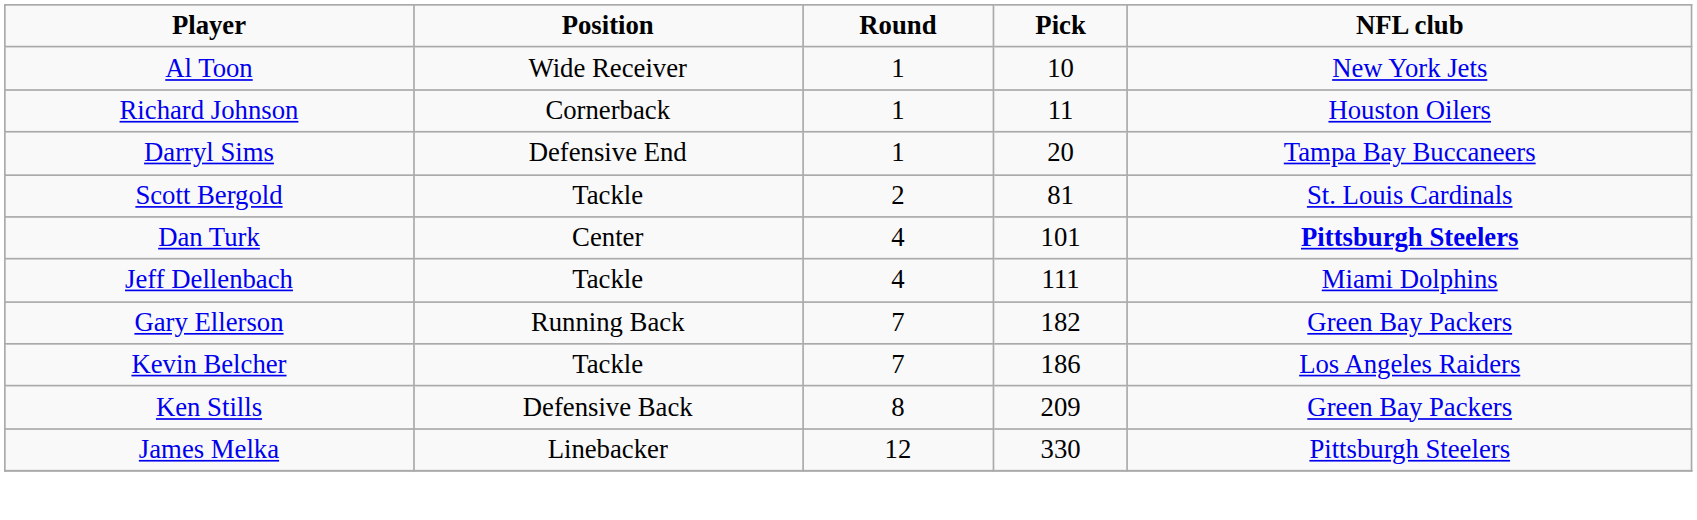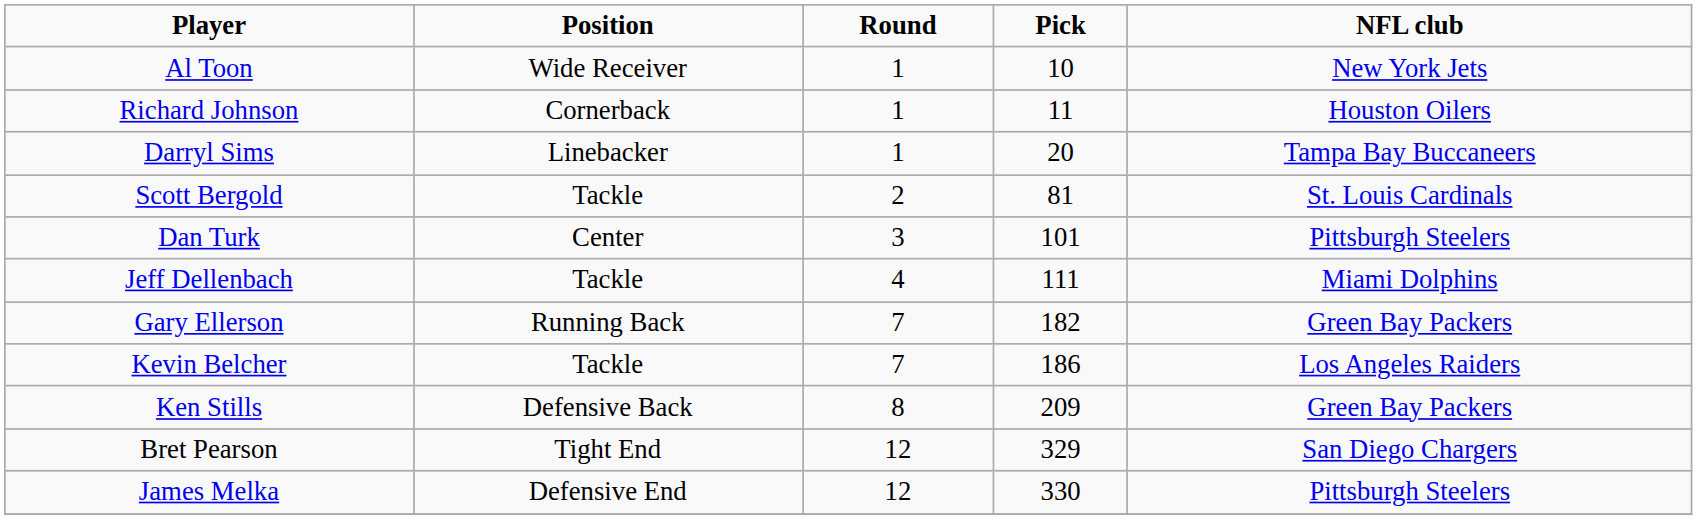 <table class="wikitable" width="80%">
 <tr align="center">
 <td><strong>Player</strong></td>
 <td><strong>Position</strong></td>
 <td><strong>Round</strong></td>
 <td><strong>Pick</strong></td>
 <td><strong>NFL club</strong></td>
 </tr>
 <tr align="center" bgcolor="">
 <td><a href='#'>Al Toon</a></td>
 <td>Wide Receiver</td>
 <td>1</td>
 <td>10</td>
 <td><a href='#'>New York Jets</a></td>
 </tr>
 <tr align="center" bgcolor="">
 <td><a href='#'>Richard Johnson</a></td>
 <td>Cornerback</td>
 <td>1</td>
 <td>11</td>
 <td><a href='#'>Houston Oilers</a></td>
 </tr>
 <tr align="center" bgcolor="">
 <td><a href='#'>Darryl Sims</a></td>
-<td>Defensive End</td>
+<td>Linebacker</td>
 <td>1</td>
 <td>20</td>
 <td><a href='#'>Tampa Bay Buccaneers</a></td>
 </tr>
 <tr align="center" bgcolor="">
 <td><a href='#'>Scott Bergold</a></td>
 <td>Tackle</td>
 <td>2</td>
 <td>81</td>
 <td><a href='#'>St. Louis Cardinals</a></td>
 </tr>
 <tr align="center" bgcolor="">
 <td><a href='#'>Dan Turk</a></td>
 <td>Center</td>
-<td>4</td>
+<td>3</td>
 <td>101</td>
-<td><strong><a href='#'>Pittsburgh Steelers</a></strong></td>
+<td><a href='#'>Pittsburgh Steelers</a></td>
 </tr>
 <tr align="center" bgcolor="">
 <td><a href='#'>Jeff Dellenbach</a></td>
 <td>Tackle</td>
 <td>4</td>
 <td>111</td>
 <td><a href='#'>Miami Dolphins</a></td>
 </tr>
 <tr align="center" bgcolor="">
 <td><a href='#'>Gary Ellerson</a></td>
 <td>Running Back</td>
 <td>7</td>
 <td>182</td>
 <td><a href='#'>Green Bay Packers</a></td>
 </tr>
 <tr align="center" bgcolor="">
 <td><a href='#'>Kevin Belcher</a></td>
 <td>Tackle</td>
 <td>7</td>
 <td>186</td>
 <td><a href='#'>Los Angeles Raiders</a></td>
 </tr>
 <tr align="center" bgcolor="">
 <td><a href='#'>Ken Stills</a></td>
 <td>Defensive Back</td>
 <td>8</td>
 <td>209</td>
 <td><a href='#'>Green Bay Packers</a></td>
 </tr>
 <tr align="center" bgcolor="">
+<td>Bret Pearson</td>
+<td>Tight End</td>
+<td>12</td>
+<td>329</td>
+<td><a href='#'>San Diego Chargers</a></td>
+</tr>
+<tr align="center" bgcolor="">
 <td><a href='#'>James Melka</a></td>
-<td>Linebacker</td>
+<td>Defensive End</td>
 <td>12</td>
 <td>330</td>
 <td><a href='#'>Pittsburgh Steelers</a></td>
 </tr>
 <tr align="center" bgcolor="">
 </tr>
 </table>
